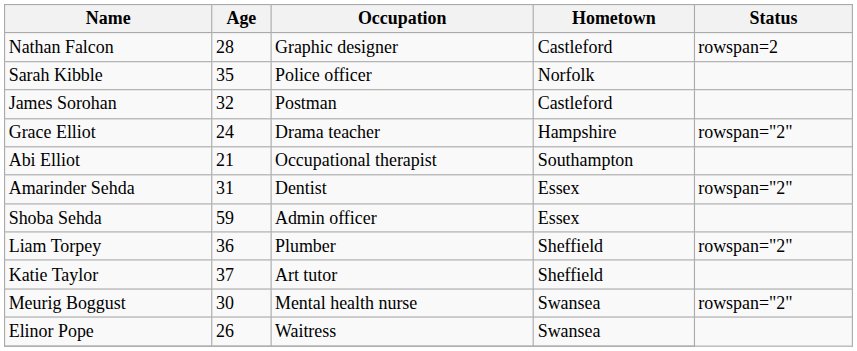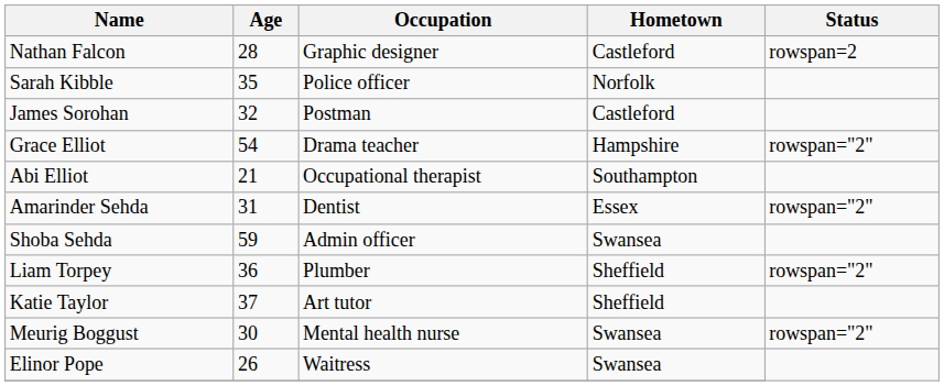 <table class="wikitable sortable" width=60%>
 <tr>
 <th>Name</th>
 <th>Age</th>
 <th>Occupation</th>
 <th>Hometown</th>
 <th>Status</th>
 </tr>
 <tr>
 <td>Nathan Falcon</td>
 <td>28</td>
 <td>Graphic designer</td>
 <td>Castleford</td>
 <td>rowspan=2 </td>
 </tr>
 <tr>
 <td>Sarah Kibble</td>
 <td>35</td>
 <td>Police officer</td>
 <td>Norfolk</td>
 </tr>
 <tr>
 <td>James Sorohan</td>
 <td>32</td>
 <td>Postman</td>
 <td>Castleford</td>
 <td></td>
 </tr>
 <tr>
 <td>Grace Elliot</td>
-<td>24</td>
+<td>54</td>
 <td>Drama teacher</td>
 <td>Hampshire</td>
 <td>rowspan="2"</td>
 </tr>
 <tr>
 <td>Abi Elliot</td>
 <td>21</td>
 <td>Occupational therapist</td>
 <td>Southampton</td>
 </tr>
 <tr>
 <td>Amarinder Sehda</td>
 <td>31</td>
 <td>Dentist</td>
 <td>Essex</td>
 <td>rowspan="2"</td>
 </tr>
 <tr>
 <td>Shoba Sehda</td>
 <td>59</td>
 <td>Admin officer</td>
-<td>Essex</td>
+<td>Swansea</td>
 </tr>
 <tr>
 <td>Liam Torpey</td>
 <td>36</td>
 <td>Plumber</td>
 <td>Sheffield</td>
 <td>rowspan="2" </td>
 </tr>
 <tr>
 <td>Katie Taylor</td>
 <td>37</td>
 <td>Art tutor</td>
 <td>Sheffield</td>
 </tr>
 <tr>
 <td>Meurig Boggust</td>
 <td>30</td>
 <td>Mental health nurse</td>
 <td>Swansea</td>
 <td>rowspan="2" </td>
 </tr>
 <tr>
 <td>Elinor Pope</td>
 <td>26</td>
 <td>Waitress</td>
 <td>Swansea</td>
 </tr>
 <tr>
 </tr>
 </table>
